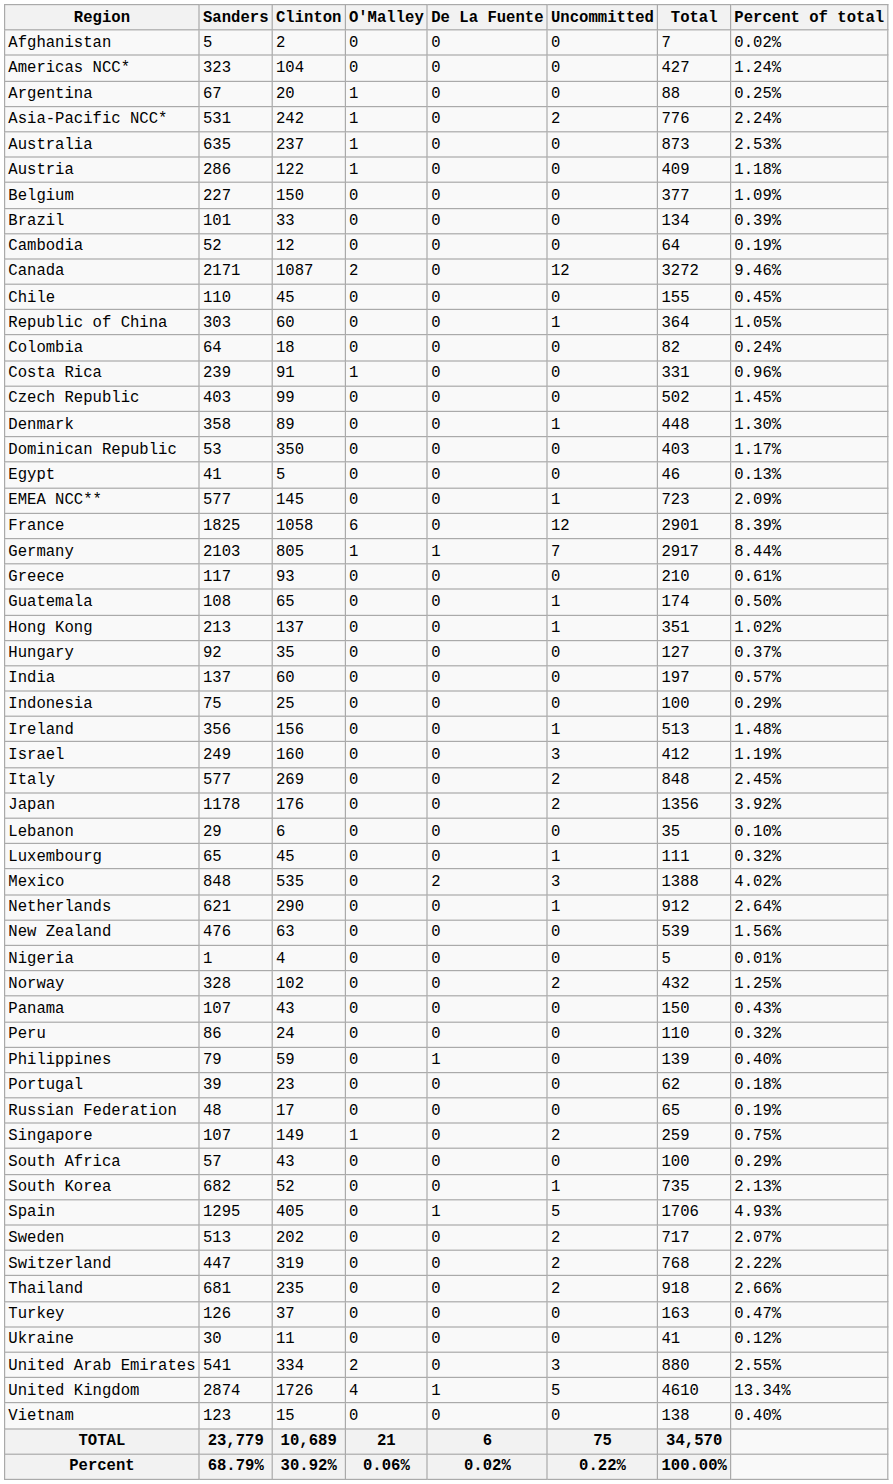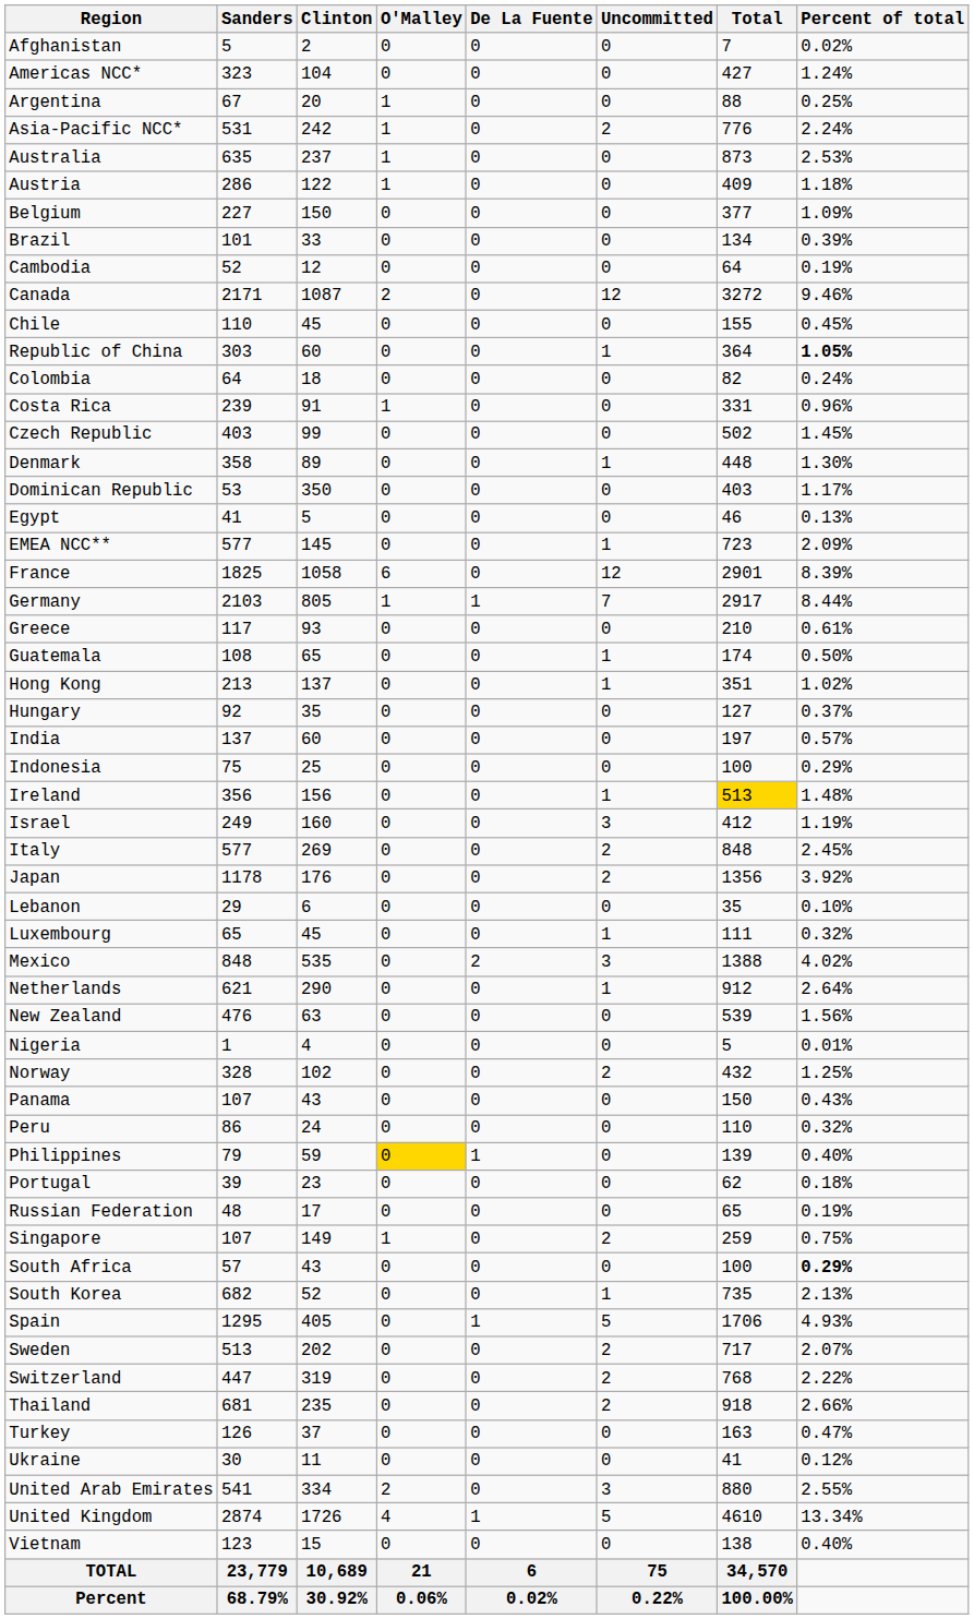 <table class="wikitable sortable">
 <tr>
 <th>Region</th>
 <th>Sanders</th>
 <th>Clinton</th>
 <th>O'Malley</th>
 <th>De La Fuente</th>
 <th>Uncommitted</th>
 <th>Total</th>
 <th>Percent of total</th>
 </tr>
 <tr>
 <td>Afghanistan</td>
 <td>5</td>
 <td>2</td>
 <td>0</td>
 <td>0</td>
 <td>0</td>
 <td>7</td>
 <td>0.02%</td>
 </tr>
 <tr>
 <td>Americas NCC*</td>
 <td>323</td>
 <td>104</td>
 <td>0</td>
 <td>0</td>
 <td>0</td>
 <td>427</td>
 <td>1.24%</td>
 </tr>
 <tr>
 <td>Argentina</td>
 <td>67</td>
 <td>20</td>
 <td>1</td>
 <td>0</td>
 <td>0</td>
 <td>88</td>
 <td>0.25%</td>
 </tr>
 <tr>
 <td>Asia-Pacific NCC*</td>
 <td>531</td>
 <td>242</td>
 <td>1</td>
 <td>0</td>
 <td>2</td>
 <td>776</td>
 <td>2.24%</td>
 </tr>
 <tr>
 <td>Australia</td>
 <td>635</td>
 <td>237</td>
 <td>1</td>
 <td>0</td>
 <td>0</td>
 <td>873</td>
 <td>2.53%</td>
 </tr>
 <tr>
 <td>Austria</td>
 <td>286</td>
 <td>122</td>
 <td>1</td>
 <td>0</td>
 <td>0</td>
 <td>409</td>
 <td>1.18%</td>
 </tr>
 <tr>
 <td>Belgium</td>
 <td>227</td>
 <td>150</td>
 <td>0</td>
 <td>0</td>
 <td>0</td>
 <td>377</td>
 <td>1.09%</td>
 </tr>
 <tr>
 <td>Brazil</td>
 <td>101</td>
 <td>33</td>
 <td>0</td>
 <td>0</td>
 <td>0</td>
 <td>134</td>
 <td>0.39%</td>
 </tr>
 <tr>
 <td>Cambodia</td>
 <td>52</td>
 <td>12</td>
 <td>0</td>
 <td>0</td>
 <td>0</td>
 <td>64</td>
 <td>0.19%</td>
 </tr>
 <tr>
 <td>Canada</td>
 <td>2171</td>
 <td>1087</td>
 <td>2</td>
 <td>0</td>
 <td>12</td>
 <td>3272</td>
 <td>9.46%</td>
 </tr>
 <tr>
 <td>Chile</td>
 <td>110</td>
 <td>45</td>
 <td>0</td>
 <td>0</td>
 <td>0</td>
 <td>155</td>
 <td>0.45%</td>
 </tr>
 <tr>
 <td>Republic of China</td>
 <td>303</td>
 <td>60</td>
 <td>0</td>
 <td>0</td>
 <td>1</td>
 <td>364</td>
-<td>1.05%</td>
+<td><strong>1.05%</strong></td>
 </tr>
 <tr>
 <td>Colombia</td>
 <td>64</td>
 <td>18</td>
 <td>0</td>
 <td>0</td>
 <td>0</td>
 <td>82</td>
 <td>0.24%</td>
 </tr>
 <tr>
 <td>Costa Rica</td>
 <td>239</td>
 <td>91</td>
 <td>1</td>
 <td>0</td>
 <td>0</td>
 <td>331</td>
 <td>0.96%</td>
 </tr>
 <tr>
 <td>Czech Republic</td>
 <td>403</td>
 <td>99</td>
 <td>0</td>
 <td>0</td>
 <td>0</td>
 <td>502</td>
 <td>1.45%</td>
 </tr>
 <tr>
 <td>Denmark</td>
 <td>358</td>
 <td>89</td>
 <td>0</td>
 <td>0</td>
 <td>1</td>
 <td>448</td>
 <td>1.30%</td>
 </tr>
 <tr>
 <td>Dominican Republic</td>
 <td>53</td>
 <td>350</td>
 <td>0</td>
 <td>0</td>
 <td>0</td>
 <td>403</td>
 <td>1.17%</td>
 </tr>
 <tr>
 <td>Egypt</td>
 <td>41</td>
 <td>5</td>
 <td>0</td>
 <td>0</td>
 <td>0</td>
 <td>46</td>
 <td>0.13%</td>
 </tr>
 <tr>
 <td>EMEA NCC**</td>
 <td>577</td>
 <td>145</td>
 <td>0</td>
 <td>0</td>
 <td>1</td>
 <td>723</td>
 <td>2.09%</td>
 </tr>
 <tr>
 <td>France</td>
 <td>1825</td>
 <td>1058</td>
 <td>6</td>
 <td>0</td>
 <td>12</td>
 <td>2901</td>
 <td>8.39%</td>
 </tr>
 <tr>
 <td>Germany</td>
 <td>2103</td>
 <td>805</td>
 <td>1</td>
 <td>1</td>
 <td>7</td>
 <td>2917</td>
 <td>8.44%</td>
 </tr>
 <tr>
 <td>Greece</td>
 <td>117</td>
 <td>93</td>
 <td>0</td>
 <td>0</td>
 <td>0</td>
 <td>210</td>
 <td>0.61%</td>
 </tr>
 <tr>
 <td>Guatemala</td>
 <td>108</td>
 <td>65</td>
 <td>0</td>
 <td>0</td>
 <td>1</td>
 <td>174</td>
 <td>0.50%</td>
 </tr>
 <tr>
 <td>Hong Kong</td>
 <td>213</td>
 <td>137</td>
 <td>0</td>
 <td>0</td>
 <td>1</td>
 <td>351</td>
 <td>1.02%</td>
 </tr>
 <tr>
 <td>Hungary</td>
 <td>92</td>
 <td>35</td>
 <td>0</td>
 <td>0</td>
 <td>0</td>
 <td>127</td>
 <td>0.37%</td>
 </tr>
 <tr>
 <td>India</td>
 <td>137</td>
 <td>60</td>
 <td>0</td>
 <td>0</td>
 <td>0</td>
 <td>197</td>
 <td>0.57%</td>
 </tr>
 <tr>
 <td>Indonesia</td>
 <td>75</td>
 <td>25</td>
 <td>0</td>
 <td>0</td>
 <td>0</td>
 <td>100</td>
 <td>0.29%</td>
 </tr>
 <tr>
 <td>Ireland</td>
 <td>356</td>
 <td>156</td>
 <td>0</td>
 <td>0</td>
 <td>1</td>
-<td>513</td>
+<td style="background: gold;">513</td>
 <td>1.48%</td>
 </tr>
 <tr>
 <td>Israel</td>
 <td>249</td>
 <td>160</td>
 <td>0</td>
 <td>0</td>
 <td>3</td>
 <td>412</td>
 <td>1.19%</td>
 </tr>
 <tr>
 <td>Italy</td>
 <td>577</td>
 <td>269</td>
 <td>0</td>
 <td>0</td>
 <td>2</td>
 <td>848</td>
 <td>2.45%</td>
 </tr>
 <tr>
 <td>Japan</td>
 <td>1178</td>
 <td>176</td>
 <td>0</td>
 <td>0</td>
 <td>2</td>
 <td>1356</td>
 <td>3.92%</td>
 </tr>
 <tr>
 <td>Lebanon</td>
 <td>29</td>
 <td>6</td>
 <td>0</td>
 <td>0</td>
 <td>0</td>
 <td>35</td>
 <td>0.10%</td>
 </tr>
 <tr>
 <td>Luxembourg</td>
 <td>65</td>
 <td>45</td>
 <td>0</td>
 <td>0</td>
 <td>1</td>
 <td>111</td>
 <td>0.32%</td>
 </tr>
 <tr>
 <td>Mexico</td>
 <td>848</td>
 <td>535</td>
 <td>0</td>
 <td>2</td>
 <td>3</td>
 <td>1388</td>
 <td>4.02%</td>
 </tr>
 <tr>
 <td>Netherlands</td>
 <td>621</td>
 <td>290</td>
 <td>0</td>
 <td>0</td>
 <td>1</td>
 <td>912</td>
 <td>2.64%</td>
 </tr>
 <tr>
 <td>New Zealand</td>
 <td>476</td>
 <td>63</td>
 <td>0</td>
 <td>0</td>
 <td>0</td>
 <td>539</td>
 <td>1.56%</td>
 </tr>
 <tr>
 <td>Nigeria</td>
 <td>1</td>
 <td>4</td>
 <td>0</td>
 <td>0</td>
 <td>0</td>
 <td>5</td>
 <td>0.01%</td>
 </tr>
 <tr>
 <td>Norway</td>
 <td>328</td>
 <td>102</td>
 <td>0</td>
 <td>0</td>
 <td>2</td>
 <td>432</td>
 <td>1.25%</td>
 </tr>
 <tr>
 <td>Panama</td>
 <td>107</td>
 <td>43</td>
 <td>0</td>
 <td>0</td>
 <td>0</td>
 <td>150</td>
 <td>0.43%</td>
 </tr>
 <tr>
 <td>Peru</td>
 <td>86</td>
 <td>24</td>
 <td>0</td>
 <td>0</td>
 <td>0</td>
 <td>110</td>
 <td>0.32%</td>
 </tr>
 <tr>
 <td>Philippines</td>
 <td>79</td>
 <td>59</td>
-<td>0</td>
+<td style="background: gold;">0</td>
 <td>1</td>
 <td>0</td>
 <td>139</td>
 <td>0.40%</td>
 </tr>
 <tr>
 <td>Portugal</td>
 <td>39</td>
 <td>23</td>
 <td>0</td>
 <td>0</td>
 <td>0</td>
 <td>62</td>
 <td>0.18%</td>
 </tr>
 <tr>
 <td>Russian Federation</td>
 <td>48</td>
 <td>17</td>
 <td>0</td>
 <td>0</td>
 <td>0</td>
 <td>65</td>
 <td>0.19%</td>
 </tr>
 <tr>
 <td>Singapore</td>
 <td>107</td>
 <td>149</td>
 <td>1</td>
 <td>0</td>
 <td>2</td>
 <td>259</td>
 <td>0.75%</td>
 </tr>
 <tr>
 <td>South Africa</td>
 <td>57</td>
 <td>43</td>
 <td>0</td>
 <td>0</td>
 <td>0</td>
 <td>100</td>
-<td>0.29%</td>
+<td><strong>0.29%</strong></td>
 </tr>
 <tr>
 <td>South Korea</td>
 <td>682</td>
 <td>52</td>
 <td>0</td>
 <td>0</td>
 <td>1</td>
 <td>735</td>
 <td>2.13%</td>
 </tr>
 <tr>
 <td>Spain</td>
 <td>1295</td>
 <td>405</td>
 <td>0</td>
 <td>1</td>
 <td>5</td>
 <td>1706</td>
 <td>4.93%</td>
 </tr>
 <tr>
 <td>Sweden</td>
 <td>513</td>
 <td>202</td>
 <td>0</td>
 <td>0</td>
 <td>2</td>
 <td>717</td>
 <td>2.07%</td>
 </tr>
 <tr>
 <td>Switzerland</td>
 <td>447</td>
 <td>319</td>
 <td>0</td>
 <td>0</td>
 <td>2</td>
 <td>768</td>
 <td>2.22%</td>
 </tr>
 <tr>
 <td>Thailand</td>
 <td>681</td>
 <td>235</td>
 <td>0</td>
 <td>0</td>
 <td>2</td>
 <td>918</td>
 <td>2.66%</td>
 </tr>
 <tr>
 <td>Turkey</td>
 <td>126</td>
 <td>37</td>
 <td>0</td>
 <td>0</td>
 <td>0</td>
 <td>163</td>
 <td>0.47%</td>
 </tr>
 <tr>
 <td>Ukraine</td>
 <td>30</td>
 <td>11</td>
 <td>0</td>
 <td>0</td>
 <td>0</td>
 <td>41</td>
 <td>0.12%</td>
 </tr>
 <tr>
 <td>United Arab Emirates</td>
 <td>541</td>
 <td>334</td>
 <td>2</td>
 <td>0</td>
 <td>3</td>
 <td>880</td>
 <td>2.55%</td>
 </tr>
 <tr>
 <td>United Kingdom</td>
 <td>2874</td>
 <td>1726</td>
 <td>4</td>
 <td>1</td>
 <td>5</td>
 <td>4610</td>
 <td>13.34%</td>
 </tr>
 <tr>
 <td>Vietnam</td>
 <td>123</td>
 <td>15</td>
 <td>0</td>
 <td>0</td>
 <td>0</td>
 <td>138</td>
 <td>0.40%</td>
 </tr>
 <tr class="sortbottom">
 <th>TOTAL</th>
 <th>23,779</th>
 <th>10,689</th>
 <th>21</th>
 <th>6</th>
 <th>75</th>
 <th>34,570</th>
 <td></td>
 </tr>
 <tr class="sortbottom">
 <th>Percent</th>
 <th>68.79%</th>
 <th>30.92%</th>
 <th>0.06%</th>
 <th>0.02%</th>
 <th>0.22%</th>
 <th>100.00%</th>
 <td></td>
 </tr>
 </table>
